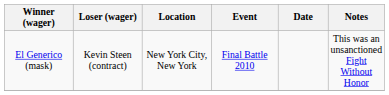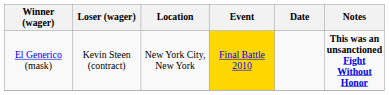 <table class="wikitable sortable" width=100%  style="text-align: center">
 <tr>
 <th width=20% scope="col">Winner (wager)</th>
 <th width=20% scope="col">Loser (wager)</th>
 <th width=20% scope="col">Location</th>
 <th width=20% scope="col">Event</th>
 <th width=15% scope="col">Date</th>
 <th class="unsortable" width=5% scope="col">Notes</th>
 </tr>
 <tr>
 <td><a href='#'>El Generico</a> (mask)</td>
 <td>Kevin Steen (contract)</td>
 <td>New York City, New York</td>
-<td><a href='#'>Final Battle 2010</a></td>
+<td style="background: gold;"><a href='#'>Final Battle 2010</a></td>
 <td></td>
-<td>This was an unsanctioned <a href='#'>Fight Without Honor</a></td>
+<td><strong>This was an unsanctioned <a href='#'>Fight Without Honor</a></strong></td>
 </tr>
 <tr>
 </tr>
 </table>
